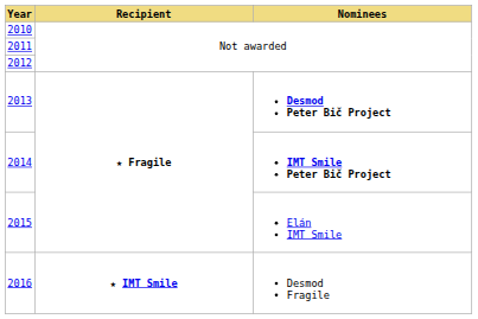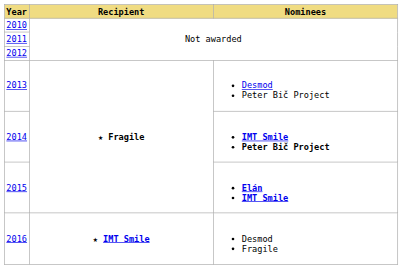 <table class=wikitable sortable style="background:white">
 <tr>
 <th style=background:#F0DC82>Year</th>
 <th style=background:#F0DC82 width=273>Recipient</th>
 <th style=background:#F0DC82 width=273>Nominees</th>
 </tr>
 <tr>
 <td><a href='#'>2010</a></td>
 <td rowspan=3 colspan=2 align=center>Not awarded</td>
 </tr>
 <tr>
 <td><a href='#'>2011</a></td>
 </tr>
 <tr>
 <td><a href='#'>2012</a></td>
 </tr>
 <tr>
 <td><a href='#'>2013</a></td>
 <td align=center rowspan=3>★ <strong>Fragile</strong> <br></td>
-<td><strong><br><ul><li><a href='#'>Desmod</a></li><li>Peter Bič Project</li></ul></strong></td>
+<td><br><ul><li><a href='#'>Desmod</a></li><li>Peter Bič Project</li></ul></td>
 </tr>
 <tr>
 <td><a href='#'>2014</a></td>
 <td><strong><br><ul><li><a href='#'>IMT Smile</a></li><li>Peter Bič Project</li></ul></strong></td>
 </tr>
 <tr>
 <td><a href='#'>2015</a></td>
-<td><br><ul><li><a href='#'>Elán</a></li><li><a href='#'>IMT Smile</a></li></ul></td>
+<td><strong><br><ul><li><a href='#'>Elán</a></li><li><a href='#'>IMT Smile</a></li></ul></strong></td>
 </tr>
 <tr>
 <td><a href='#'>2016</a></td>
 <td align=center rowspan=3>★ <strong><a href='#'>IMT Smile</a></strong></td>
 <td><br><ul><li>Desmod</li><li>Fragile</li></ul></td>
 </tr>
 </table>
